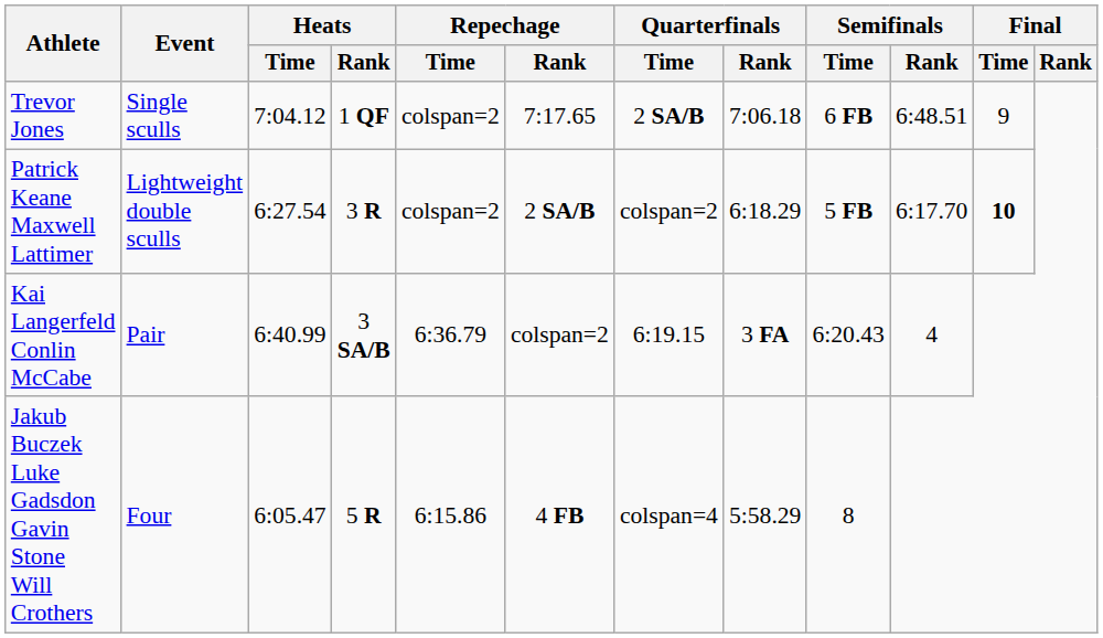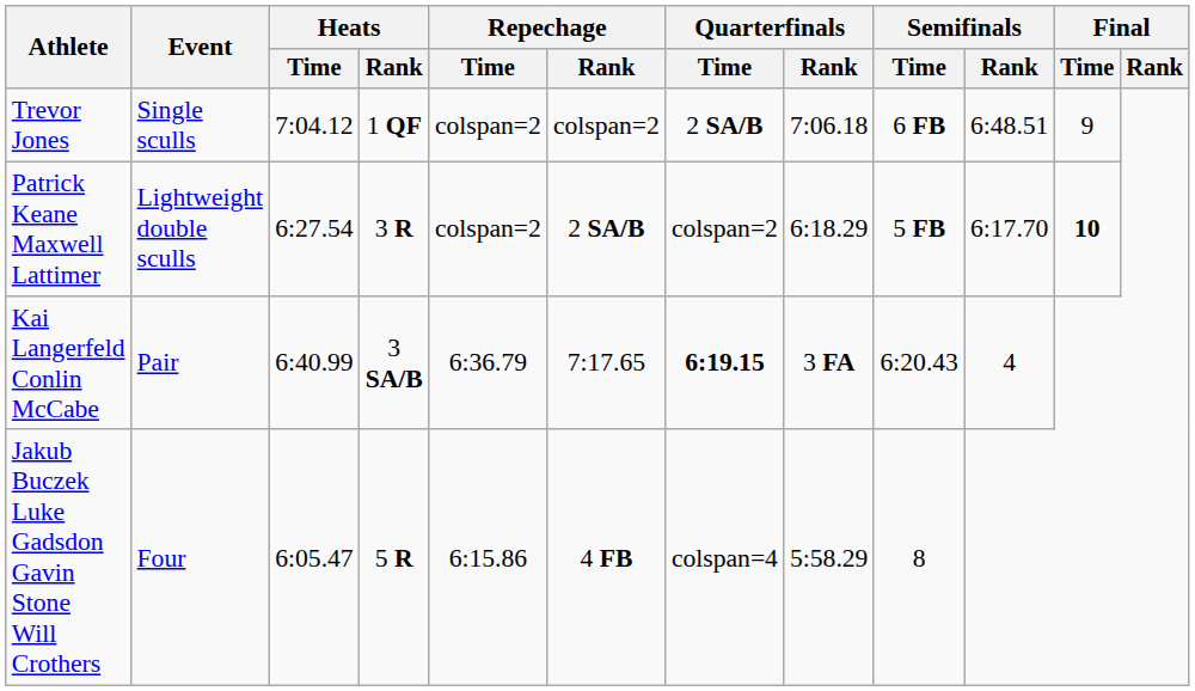 <table class=wikitable style=font-size:90%;text-align:center>
 <tr>
 <th rowspan=2>Athlete</th>
 <th rowspan=2>Event</th>
 <th colspan=2>Heats</th>
 <th colspan=2>Repechage</th>
 <th colspan=2>Quarterfinals</th>
 <th colspan=2>Semifinals</th>
 <th colspan=2>Final</th>
 </tr>
 <tr style=font-size:95%>
 <th>Time</th>
 <th>Rank</th>
 <th>Time</th>
 <th>Rank</th>
 <th>Time</th>
 <th>Rank</th>
 <th>Time</th>
 <th>Rank</th>
 <th>Time</th>
 <th>Rank</th>
 </tr>
 <tr>
 <td align=left><a href='#'>Trevor Jones</a></td>
 <td align=left><a href='#'>Single sculls</a></td>
 <td>7:04.12</td>
 <td>1 <strong>QF</strong></td>
 <td>colspan=2 </td>
-<td>7:17.65</td>
+<td>colspan=2 </td>
 <td>2 <strong>SA/B</strong></td>
 <td>7:06.18</td>
 <td>6 <strong>FB</strong></td>
 <td>6:48.51</td>
 <td>9</td>
 </tr>
 <tr>
 <td align=left><a href='#'>Patrick Keane</a><br><a href='#'>Maxwell Lattimer</a></td>
 <td align=left><a href='#'>Lightweight double sculls</a></td>
 <td>6:27.54</td>
 <td>3 <strong>R</strong></td>
 <td>colspan=2 </td>
 <td>2 <strong>SA/B</strong></td>
 <td>colspan=2 </td>
 <td>6:18.29</td>
 <td>5 <strong>FB</strong></td>
 <td>6:17.70</td>
 <td><strong>10</strong></td>
 </tr>
 <tr>
 <td align=left><a href='#'>Kai Langerfeld</a><br><a href='#'>Conlin McCabe</a></td>
 <td align=left><a href='#'>Pair</a></td>
 <td>6:40.99</td>
 <td>3 <strong>SA/B</strong></td>
 <td>6:36.79</td>
-<td>colspan=2 </td>
-<td>6:19.15</td>
+<td>7:17.65</td>
+<td><strong>6:19.15</strong></td>
 <td>3 <strong>FA</strong></td>
 <td>6:20.43</td>
 <td>4</td>
 </tr>
 <tr>
 <td align=left><a href='#'>Jakub Buczek</a><br><a href='#'>Luke Gadsdon</a><br><a href='#'>Gavin Stone</a><br><a href='#'>Will Crothers</a></td>
 <td align=left><a href='#'>Four</a></td>
 <td>6:05.47</td>
 <td>5 <strong>R</strong></td>
 <td>6:15.86</td>
 <td>4 <strong>FB</strong></td>
 <td>colspan=4 </td>
 <td>5:58.29</td>
 <td>8</td>
 </tr>
 </table>
